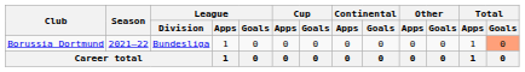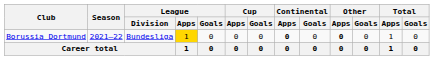 <table class="wikitable" style="text-align:center">
 <tr>
 <th rowspan="2">Club</th>
 <th rowspan="2">Season</th>
 <th colspan="3">League</th>
 <th colspan="2">Cup</th>
 <th colspan="2">Continental</th>
 <th colspan="2">Other</th>
 <th colspan="2">Total</th>
 </tr>
 <tr>
 <th>Division</th>
 <th>Apps</th>
 <th>Goals</th>
 <th>Apps</th>
 <th>Goals</th>
 <th>Apps</th>
 <th>Goals</th>
 <th>Apps</th>
 <th>Goals</th>
 <th>Apps</th>
 <th>Goals</th>
 </tr>
 <tr>
 <td><a href='#'>Borussia Dortmund</a></td>
 <td><a href='#'>2021–22</a></td>
 <td><a href='#'>Bundesliga</a></td>
-<td>1</td>
+<td style="background: gold;">1</td>
 <td>0</td>
 <td>0</td>
 <td>0</td>
+<td><strong>0</strong></td>
 <td>0</td>
-<td>0</td>
-<td>0</td>
+<td><strong>0</strong></td>
 <td>0</td>
 <td>1</td>
-<td style="background: lightsalmon;">0</td>
+<td>0</td>
 </tr>
 <tr>
 <th colspan="3">Career total</th>
 <th>1</th>
 <th>0</th>
 <th>0</th>
 <th>0</th>
 <th>0</th>
 <th>0</th>
 <th>0</th>
 <th>0</th>
 <th>1</th>
 <th>0</th>
 </tr>
 </table>
